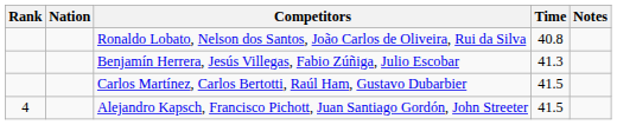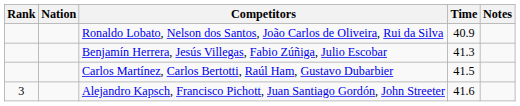 <table class="wikitable sortable" style="text-align:center">
 <tr>
 <th>Rank</th>
 <th>Nation</th>
 <th>Competitors</th>
 <th>Time</th>
 <th>Notes</th>
 </tr>
 <tr>
 <td></td>
 <td align=left></td>
 <td align=left><a href='#'>Ronaldo Lobato</a>, <a href='#'>Nelson dos Santos</a>, <a href='#'>João Carlos de Oliveira</a>, <a href='#'>Rui da Silva</a></td>
-<td>40.8</td>
+<td>40.9</td>
 <td></td>
 </tr>
 <tr>
 <td></td>
 <td align=left></td>
 <td align=left><a href='#'>Benjamín Herrera</a>, <a href='#'>Jesús Villegas</a>, <a href='#'>Fabio Zúñiga</a>, <a href='#'>Julio Escobar</a></td>
 <td>41.3</td>
 <td></td>
 </tr>
 <tr>
 <td></td>
 <td align=left></td>
 <td align=left><a href='#'>Carlos Martínez</a>, <a href='#'>Carlos Bertotti</a>, <a href='#'>Raúl Ham</a>, <a href='#'>Gustavo Dubarbier</a></td>
 <td>41.5</td>
 <td></td>
 </tr>
 <tr>
-<td>4</td>
+<td>3</td>
 <td align=left></td>
 <td align=left><a href='#'>Alejandro Kapsch</a>, <a href='#'>Francisco Pichott</a>, <a href='#'>Juan Santiago Gordón</a>, <a href='#'>John Streeter</a></td>
-<td>41.5</td>
+<td>41.6</td>
 <td></td>
 </tr>
 </table>
